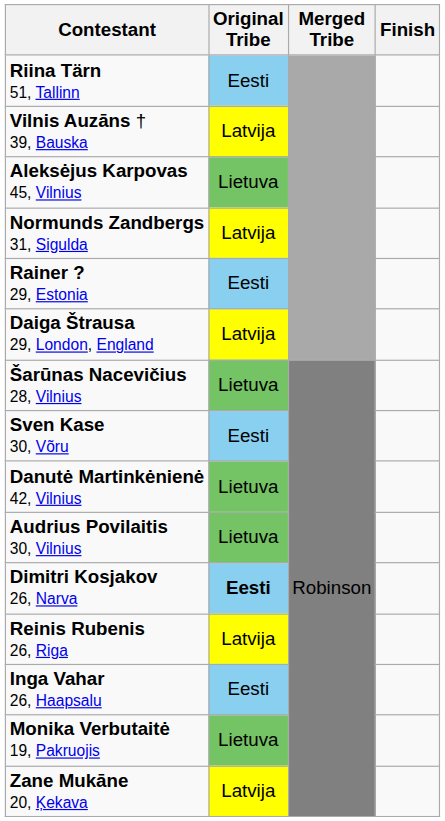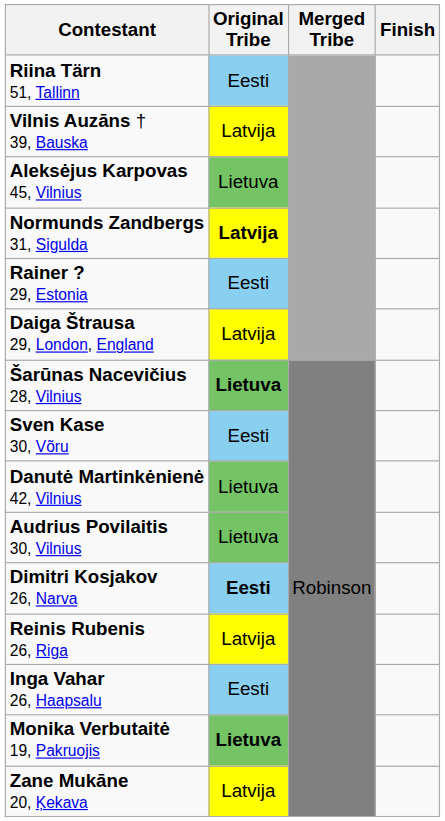 <table class="wikitable" style="margin:auto; text-align:center">
 <tr>
 <th>Contestant</th>
 <th>Original<br>Tribe</th>
 <th>Merged<br>Tribe</th>
 <th>Finish</th>
 </tr>
 <tr>
 <td align="left"><strong>Riina Tärn</strong><br><small>51, <a href='#'>Tallinn</a></small></td>
 <td bgcolor="#89CFF0" align=center>Eesti</td>
 <td rowspan="6" bgcolor="darkgrey"></td>
 <td></td>
 </tr>
 <tr>
 <td align="left"><strong>Vilnis Auzāns</strong> †<br><small>39, <a href='#'>Bauska</a></small></td>
 <td bgcolor="yellow" align=center>Latvija</td>
 <td></td>
 </tr>
 <tr>
 <td align="left"><strong>Aleksėjus Karpovas</strong><br><small>45, <a href='#'>Vilnius</a></small></td>
 <td bgcolor="#74C365" align=center>Lietuva</td>
 <td></td>
 </tr>
 <tr>
 <td align="left"><strong>Normunds Zandbergs</strong><br><small>31, <a href='#'>Sigulda</a></small></td>
-<td bgcolor="yellow" align=center>Latvija</td>
+<td bgcolor="yellow" align=center><strong>Latvija</strong></td>
 <td></td>
 </tr>
 <tr>
 <td align="left"><strong>Rainer ?</strong><br><small>29, <a href='#'>Estonia</a></small></td>
 <td bgcolor="#89CFF0" align=center>Eesti</td>
 <td></td>
 </tr>
 <tr>
 <td align="left"><strong>Daiga Štrausa</strong><br><small>29, <a href='#'>London</a>, <a href='#'>England</a></small></td>
 <td bgcolor="yellow" align=center>Latvija</td>
 <td></td>
 </tr>
 <tr>
 <td align="left"><strong>Šarūnas Nacevičius</strong><br><small>28, <a href='#'>Vilnius</a></small></td>
-<td bgcolor="#74C365" align=center>Lietuva</td>
+<td bgcolor="#74C365" align=center><strong>Lietuva</strong></td>
 <td align=center bgcolor="gray" rowspan=9>Robinson</td>
 <td></td>
 </tr>
 <tr>
 <td align="left"><strong>Sven Kase</strong><br><small>30, <a href='#'>Võru</a></small></td>
 <td bgcolor="#89CFF0" align=center>Eesti</td>
 <td></td>
 </tr>
 <tr>
 <td align="left"><strong>Danutė Martinkėnienė</strong><br><small>42, <a href='#'>Vilnius</a></small></td>
 <td bgcolor="#74C365" align=center>Lietuva</td>
 <td></td>
 </tr>
 <tr>
 <td align="left"><strong>Audrius Povilaitis</strong><br><small>30, <a href='#'>Vilnius</a></small></td>
 <td bgcolor="#74C365" align=center>Lietuva</td>
 <td></td>
 </tr>
 <tr>
 <td align="left"><strong>Dimitri Kosjakov</strong><br><small>26, <a href='#'>Narva</a></small></td>
 <td bgcolor="#89CFF0" align=center><strong>Eesti</strong></td>
 <td></td>
 </tr>
 <tr>
 <td align="left"><strong>Reinis Rubenis</strong><br><small>26, <a href='#'>Riga</a></small></td>
 <td bgcolor="yellow" align=center>Latvija</td>
 <td></td>
 </tr>
 <tr>
 <td align="left"><strong>Inga Vahar</strong><br><small>26, <a href='#'>Haapsalu</a></small></td>
 <td bgcolor="#89CFF0" align=center>Eesti</td>
 <td></td>
 </tr>
 <tr>
 <td align="left"><strong>Monika Verbutaitė</strong><br><small>19, <a href='#'>Pakruojis</a></small></td>
-<td bgcolor="#74C365" align=center>Lietuva</td>
+<td bgcolor="#74C365" align=center><strong>Lietuva</strong></td>
 <td></td>
 </tr>
 <tr>
 <td align="left"><strong>Zane Mukāne</strong><br><small>20, <a href='#'>Ķekava</a></small></td>
 <td bgcolor="yellow" align=center>Latvija</td>
 <td></td>
 </tr>
 <tr>
 </tr>
 </table>
